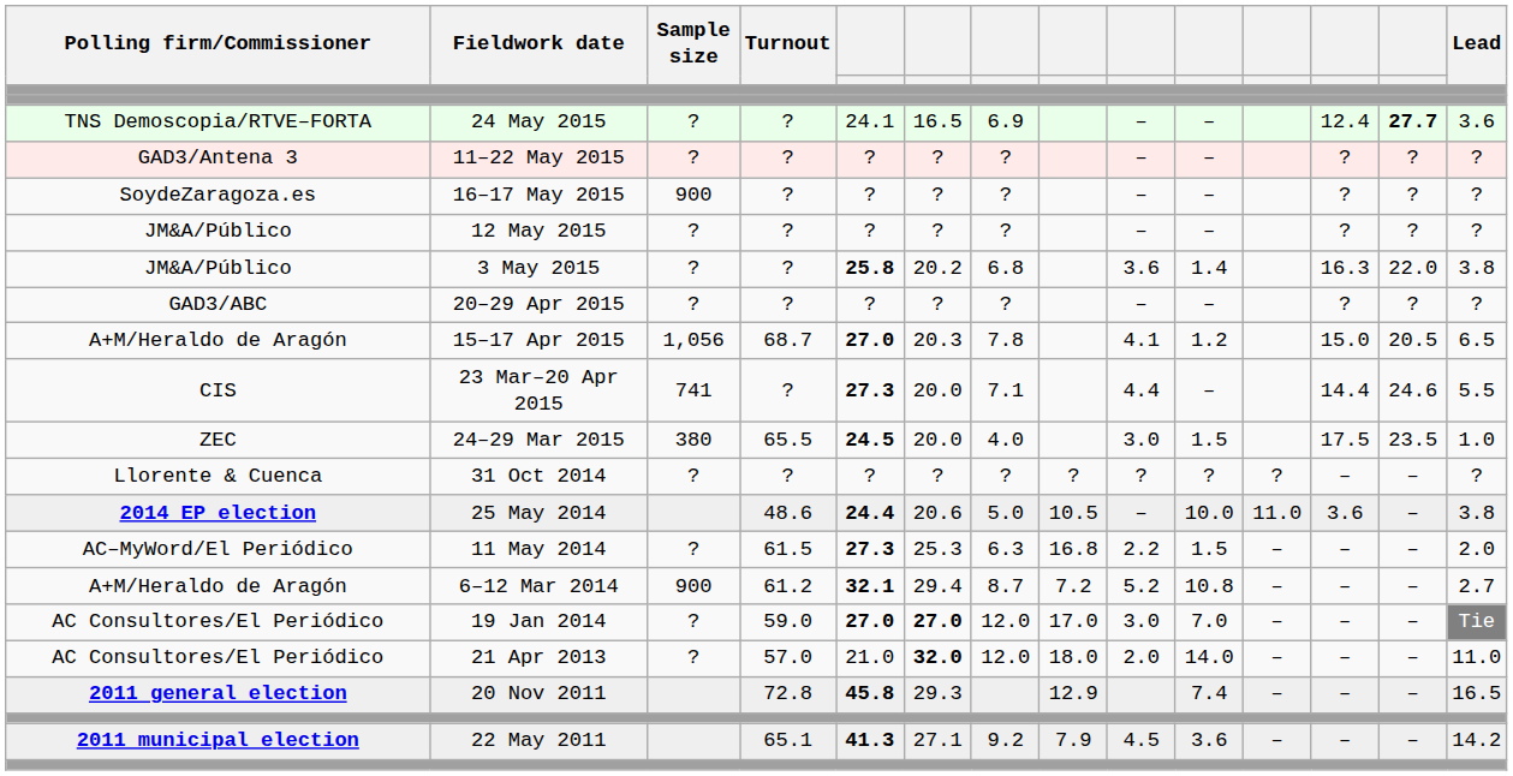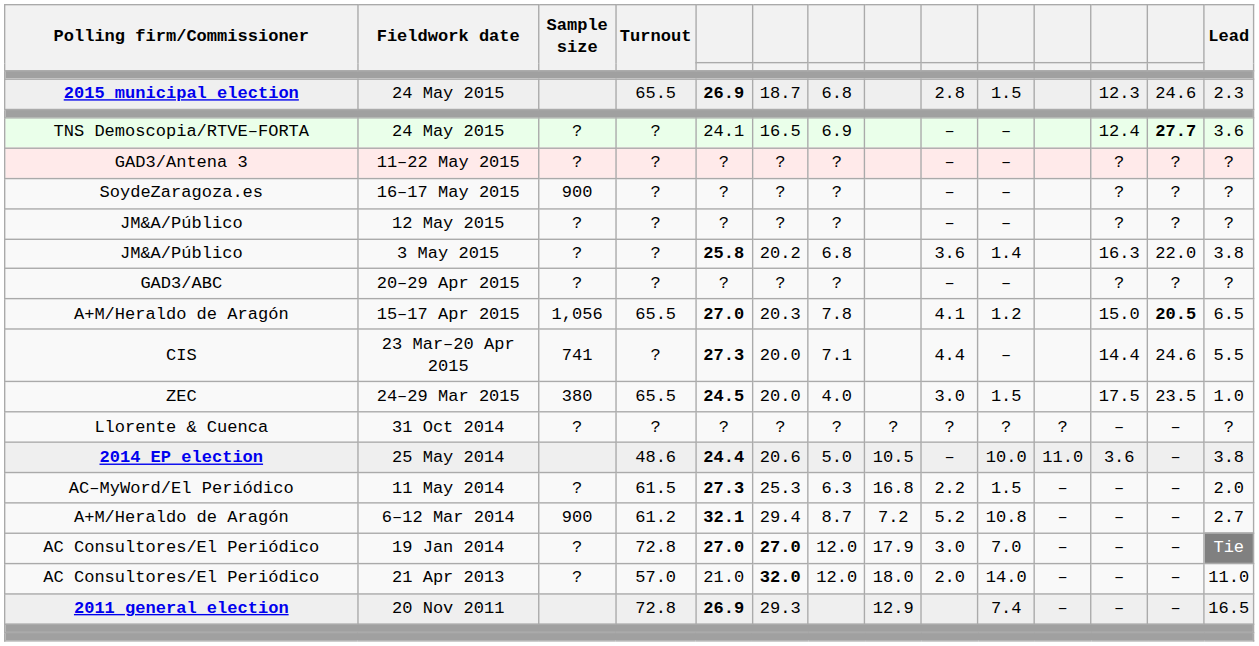 <table class="wikitable collapsible collapsed" style="text-align:center; font-size:95%; line-height:16px;">
 <tr style="height:42px;">
 <th style="width:250px;" rowspan="2">Polling firm/Commissioner</th>
 <th style="width:125px;" rowspan="2">Fieldwork date</th>
 <th style="width:50px;" rowspan="2">Sample size</th>
 <th style="width:45px;" rowspan="2">Turnout</th>
 <th style="width:35px;"></th>
 <th style="width:35px;"></th>
 <th style="width:35px;"></th>
 <th style="width:35px;"></th>
 <th style="width:35px;"></th>
 <th style="width:35px;"></th>
 <th style="width:35px;"></th>
 <th style="width:35px;"></th>
 <th style="width:35px;"></th>
 <th style="width:30px;" rowspan="2">Lead</th>
 </tr>
 <tr>
 <th style="color:inherit;background:"></th>
 <th style="color:inherit;background:"></th>
 <th style="color:inherit;background:"></th>
 <th style="color:inherit;background:"></th>
 <th style="color:inherit;background:"></th>
 <th style="color:inherit;background:"></th>
 <th style="color:inherit;background:"></th>
 <th style="color:inherit;background:"></th>
 <th style="color:inherit;background:"></th>
 </tr>
 <tr>
 <td colspan="14" style="background:#A0A0A0"></td>
+</tr>
+<tr style="background:#EFEFEF;">
+<td><strong><a href='#'>2015 municipal election</a></strong></td>
+<td>24 May 2015</td>
+<td></td>
+<td>65.5</td>
+<td><strong>26.9</strong><br></td>
+<td>18.7<br></td>
+<td>6.8<br></td>
+<td></td>
+<td>2.8<br></td>
+<td>1.5<br></td>
+<td></td>
+<td>12.3<br></td>
+<td>24.6<br></td>
+<td style="background:">2.3</td>
 </tr>
 <tr>
 <td colspan="14" style="background:#A0A0A0"></td>
 </tr>
 <tr style="background:#EAFFEA;">
 <td>TNS Demoscopia/RTVE–FORTA</td>
 <td>24 May 2015</td>
 <td>?</td>
 <td>?</td>
 <td>24.1<br></td>
 <td>16.5<br></td>
 <td>6.9<br></td>
 <td></td>
 <td>–</td>
 <td>–</td>
 <td></td>
 <td>12.4<br></td>
 <td><strong>27.7</strong><br></td>
 <td style="background:">3.6</td>
 </tr>
 <tr style="background:#FFEAEA;">
 <td>GAD3/Antena 3</td>
 <td>11–22 May 2015</td>
 <td>?</td>
 <td>?</td>
 <td>?<br></td>
 <td>?<br></td>
 <td>?<br></td>
 <td></td>
 <td>–</td>
 <td>–</td>
 <td></td>
 <td>?<br></td>
 <td>?<br></td>
 <td style="background:">?</td>
 </tr>
 <tr>
 <td>SoydeZaragoza.es</td>
 <td>16–17 May 2015</td>
 <td>900</td>
 <td>?</td>
 <td>?<br></td>
 <td>?<br></td>
 <td>?<br></td>
 <td></td>
 <td>–</td>
 <td>–</td>
 <td></td>
 <td>?<br></td>
 <td>?<br></td>
 <td style="background:">?</td>
 </tr>
 <tr>
 <td>JM&A/Público</td>
 <td>12 May 2015</td>
 <td>?</td>
 <td>?</td>
 <td>?<br></td>
 <td>?<br></td>
 <td>?<br></td>
 <td></td>
 <td>–</td>
 <td>–</td>
 <td></td>
 <td>?<br></td>
 <td>?<br></td>
 <td style="background:">?</td>
 </tr>
 <tr>
 <td>JM&A/Público</td>
 <td>3 May 2015</td>
 <td>?</td>
 <td>?</td>
 <td><strong>25.8</strong><br></td>
 <td>20.2<br></td>
 <td>6.8<br></td>
 <td></td>
 <td>3.6<br></td>
 <td>1.4<br></td>
 <td></td>
 <td>16.3<br></td>
 <td>22.0<br></td>
 <td style="background:">3.8</td>
 </tr>
 <tr>
 <td>GAD3/ABC</td>
 <td>20–29 Apr 2015</td>
 <td>?</td>
 <td>?</td>
 <td>?<br></td>
 <td>?<br></td>
 <td>?<br></td>
 <td></td>
 <td>–</td>
 <td>–</td>
 <td></td>
 <td>?<br></td>
 <td>?<br></td>
 <td style="background:">?</td>
 </tr>
 <tr>
 <td>A+M/Heraldo de Aragón</td>
 <td>15–17 Apr 2015</td>
 <td>1,056</td>
-<td>68.7</td>
+<td>65.5</td>
 <td><strong>27.0</strong><br></td>
 <td>20.3<br></td>
 <td>7.8<br></td>
 <td></td>
 <td>4.1<br></td>
 <td>1.2<br></td>
 <td></td>
 <td>15.0<br></td>
-<td>20.5<br></td>
+<td><strong>20.5<br></strong></td>
 <td style="background:">6.5</td>
 </tr>
 <tr>
 <td>CIS</td>
 <td>23 Mar–20 Apr 2015</td>
 <td>741</td>
 <td>?</td>
 <td><strong>27.3</strong><br></td>
 <td>20.0<br></td>
 <td>7.1<br></td>
 <td></td>
 <td>4.4<br></td>
 <td>–</td>
 <td></td>
 <td>14.4<br></td>
 <td>24.6<br></td>
 <td style="background:">5.5</td>
 </tr>
 <tr>
 <td>ZEC</td>
 <td>24–29 Mar 2015</td>
 <td>380</td>
 <td>65.5</td>
 <td><strong>24.5</strong><br></td>
 <td>20.0<br></td>
 <td>4.0<br></td>
 <td></td>
 <td>3.0<br></td>
 <td>1.5<br></td>
 <td></td>
 <td>17.5<br></td>
 <td>23.5<br></td>
 <td style="background:">1.0</td>
 </tr>
 <tr>
 <td>Llorente & Cuenca</td>
 <td>31 Oct 2014</td>
 <td>?</td>
 <td>?</td>
 <td>?<br></td>
 <td>?<br></td>
 <td>?<br></td>
 <td>?<br></td>
 <td>?<br></td>
 <td>?<br></td>
 <td>?<br></td>
 <td>–</td>
 <td>–</td>
 <td style="background:">?</td>
 </tr>
 <tr style="background:#EFEFEF;">
 <td><strong><a href='#'>2014 EP election</a></strong></td>
 <td>25 May 2014</td>
 <td></td>
 <td>48.6</td>
 <td><strong>24.4</strong><br></td>
 <td>20.6<br></td>
 <td>5.0<br></td>
 <td>10.5<br></td>
 <td>–</td>
 <td>10.0<br></td>
 <td>11.0<br></td>
 <td>3.6<br></td>
 <td>–</td>
 <td style="background:">3.8</td>
 </tr>
 <tr>
 <td>AC–MyWord/El Periódico</td>
 <td>11 May 2014</td>
 <td>?</td>
 <td>61.5</td>
 <td><strong>27.3</strong><br></td>
 <td>25.3<br></td>
 <td>6.3<br></td>
 <td>16.8<br></td>
 <td>2.2<br></td>
 <td>1.5<br></td>
 <td>–</td>
 <td>–</td>
 <td>–</td>
 <td style="background:">2.0</td>
 </tr>
 <tr>
 <td>A+M/Heraldo de Aragón</td>
 <td>6–12 Mar 2014</td>
 <td>900</td>
 <td>61.2</td>
 <td><strong>32.1</strong><br></td>
 <td>29.4<br></td>
 <td>8.7<br></td>
 <td>7.2<br></td>
 <td>5.2<br></td>
 <td>10.8<br></td>
 <td>–</td>
 <td>–</td>
 <td>–</td>
 <td style="background:">2.7</td>
 </tr>
 <tr>
 <td>AC Consultores/El Periódico</td>
 <td>19 Jan 2014</td>
 <td>?</td>
-<td>59.0</td>
+<td>72.8</td>
 <td><strong>27.0</strong><br></td>
 <td><strong>27.0</strong><br></td>
 <td>12.0<br></td>
-<td>17.0<br></td>
+<td>17.9<br></td>
 <td>3.0<br></td>
 <td>7.0<br></td>
 <td>–</td>
 <td>–</td>
 <td>–</td>
 <td style="background:gray; color:white;">Tie</td>
 </tr>
 <tr>
 <td>AC Consultores/El Periódico</td>
 <td>21 Apr 2013</td>
 <td>?</td>
 <td>57.0</td>
 <td>21.0<br></td>
 <td><strong>32.0</strong><br></td>
 <td>12.0<br></td>
 <td>18.0<br></td>
 <td>2.0<br></td>
 <td>14.0<br></td>
 <td>–</td>
 <td>–</td>
 <td>–</td>
 <td style="background:">11.0</td>
 </tr>
 <tr style="background:#EFEFEF;">
 <td><strong><a href='#'>2011 general election</a></strong></td>
 <td>20 Nov 2011</td>
 <td></td>
 <td>72.8</td>
-<td><strong>45.8</strong><br></td>
+<td><strong>26.9</strong><br></td>
 <td>29.3<br></td>
 <td></td>
 <td>12.9<br></td>
 <td></td>
 <td>7.4<br></td>
 <td>–</td>
 <td>–</td>
 <td>–</td>
 <td style="background:">16.5</td>
 </tr>
 <tr>
 <td colspan="14" style="background:#A0A0A0"></td>
 </tr>
-<tr style="background:#EFEFEF;">
-<td><strong><a href='#'>2011 municipal election</a></strong></td>
-<td>22 May 2011</td>
-<td></td>
-<td>65.1</td>
-<td><strong>41.3</strong><br></td>
-<td>27.1<br></td>
-<td>9.2<br></td>
-<td>7.9<br></td>
-<td>4.5<br></td>
-<td>3.6<br></td>
-<td>–</td>
-<td>–</td>
-<td>–</td>
-<td style="background:">14.2</td>
-</tr>
 <tr>
 <td colspan="14" style="background:#A0A0A0"></td>
 </tr>
 </table>
